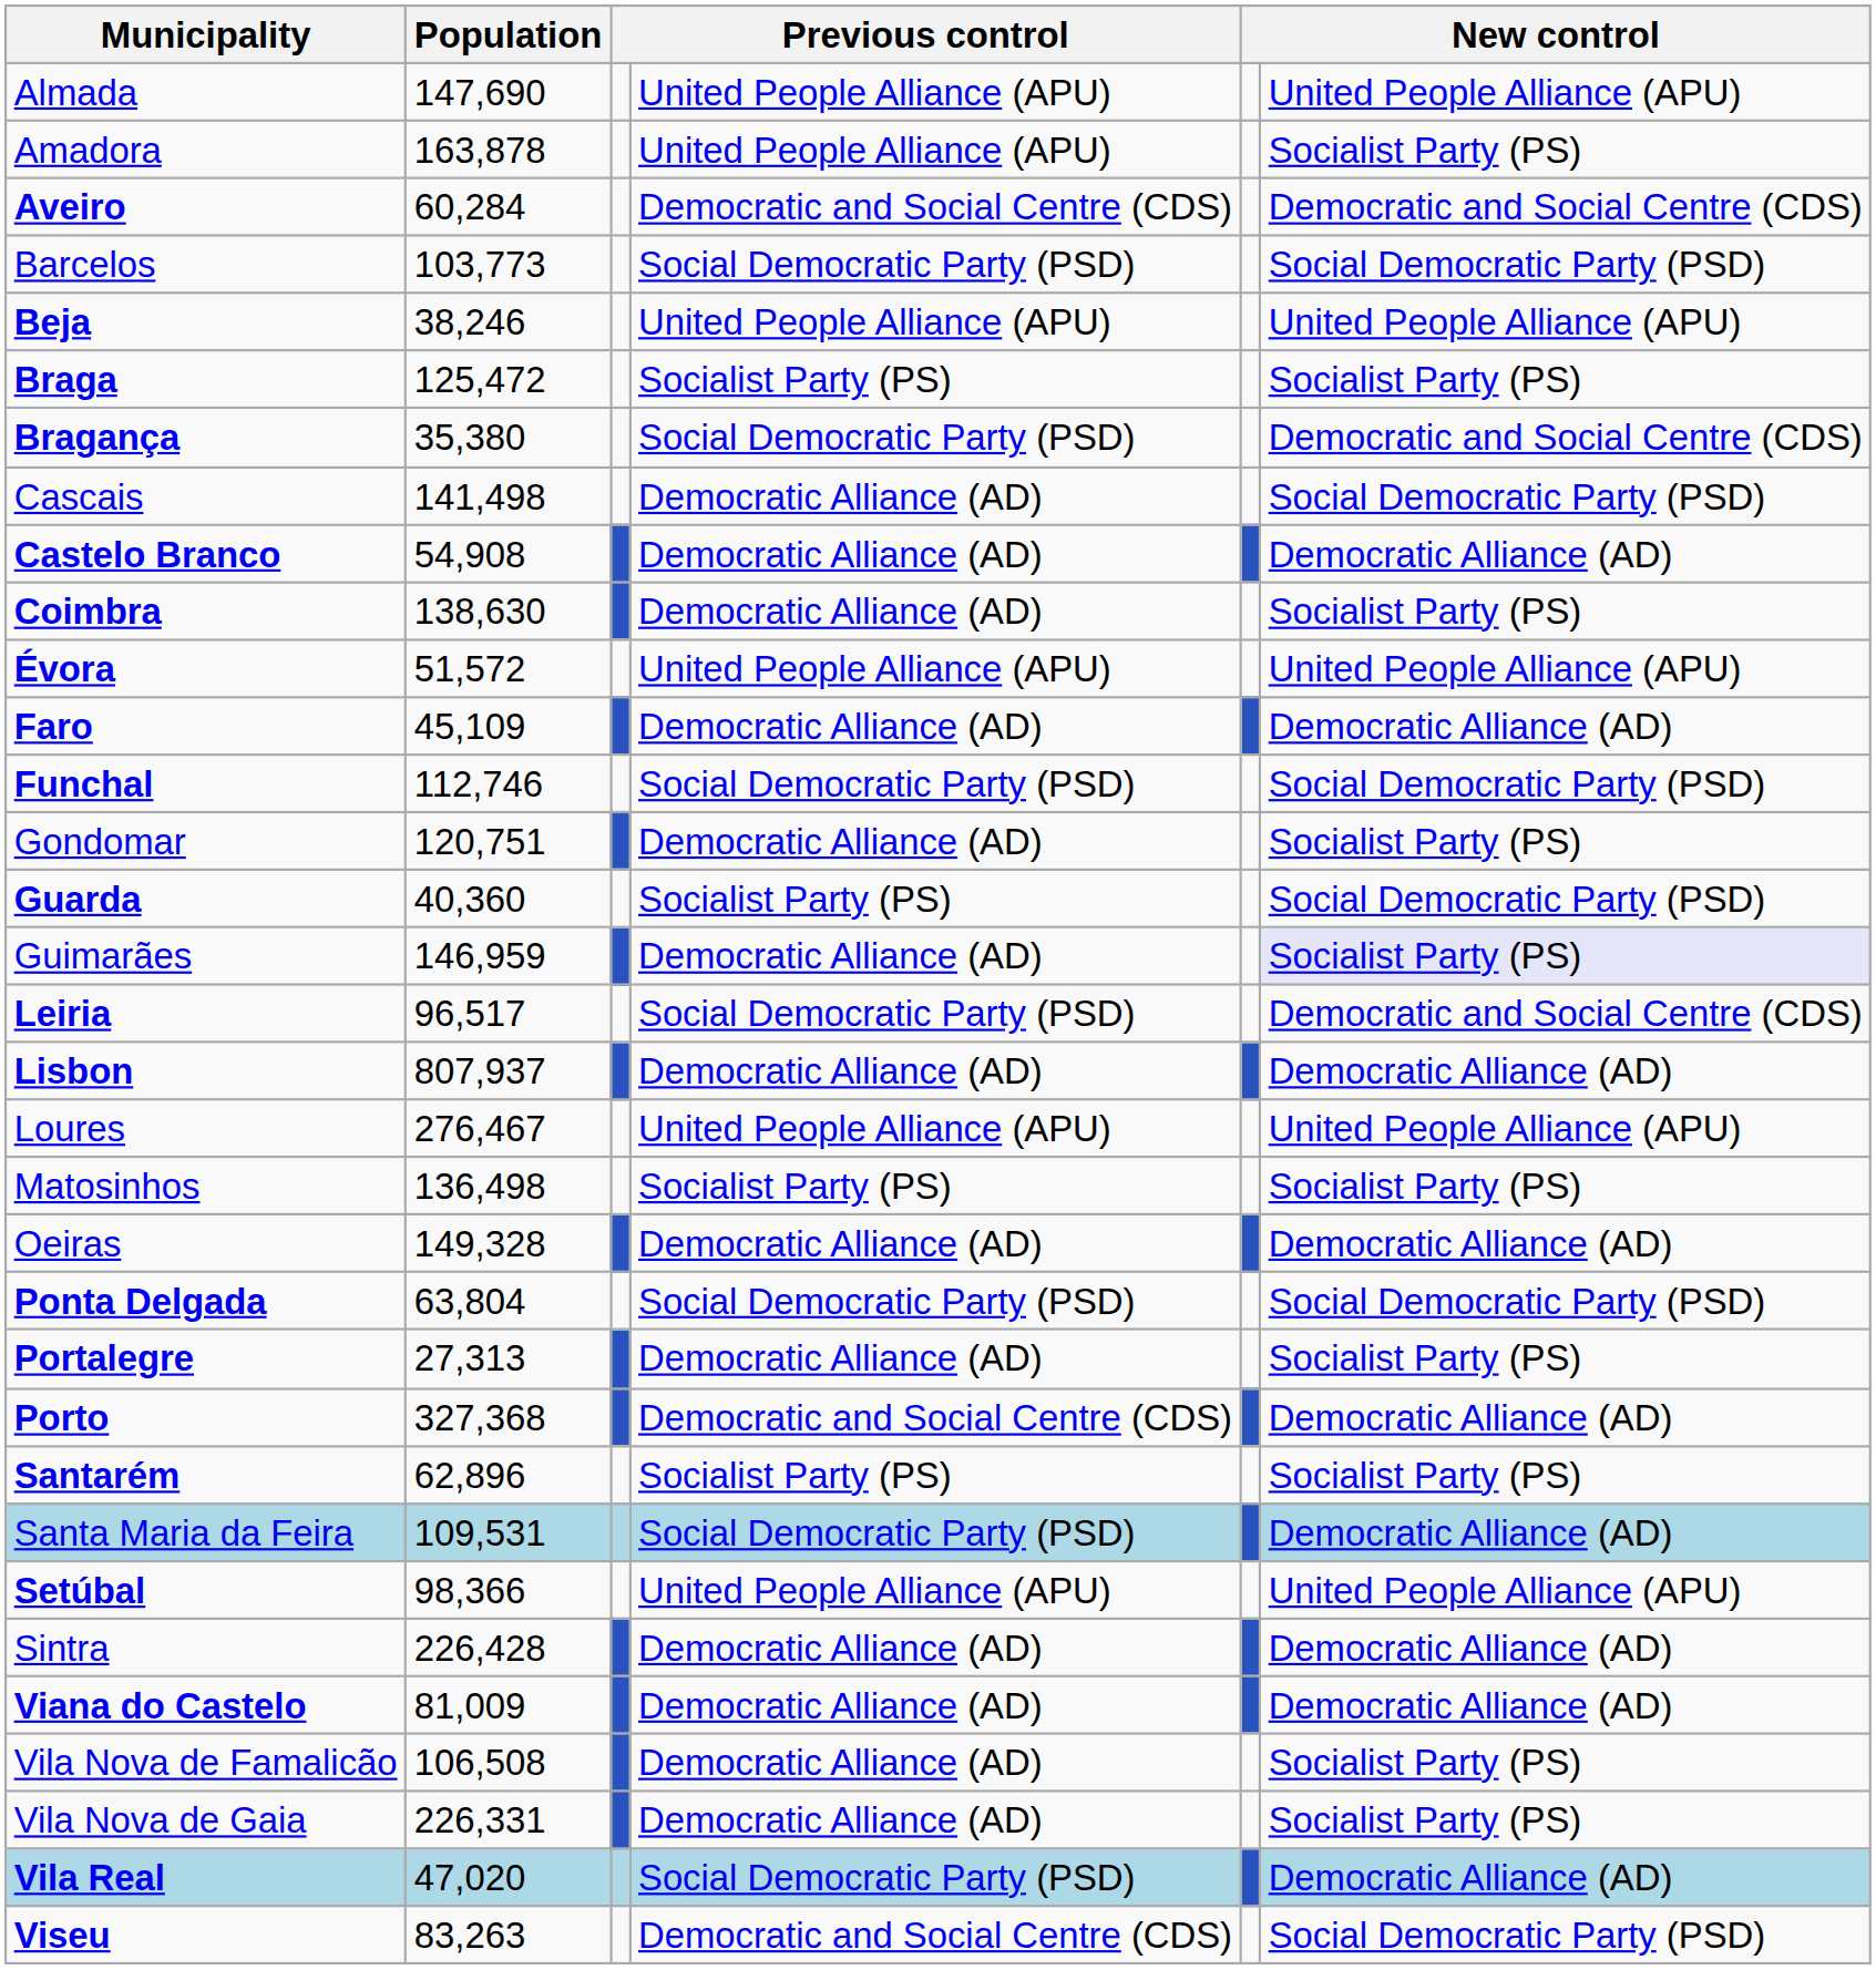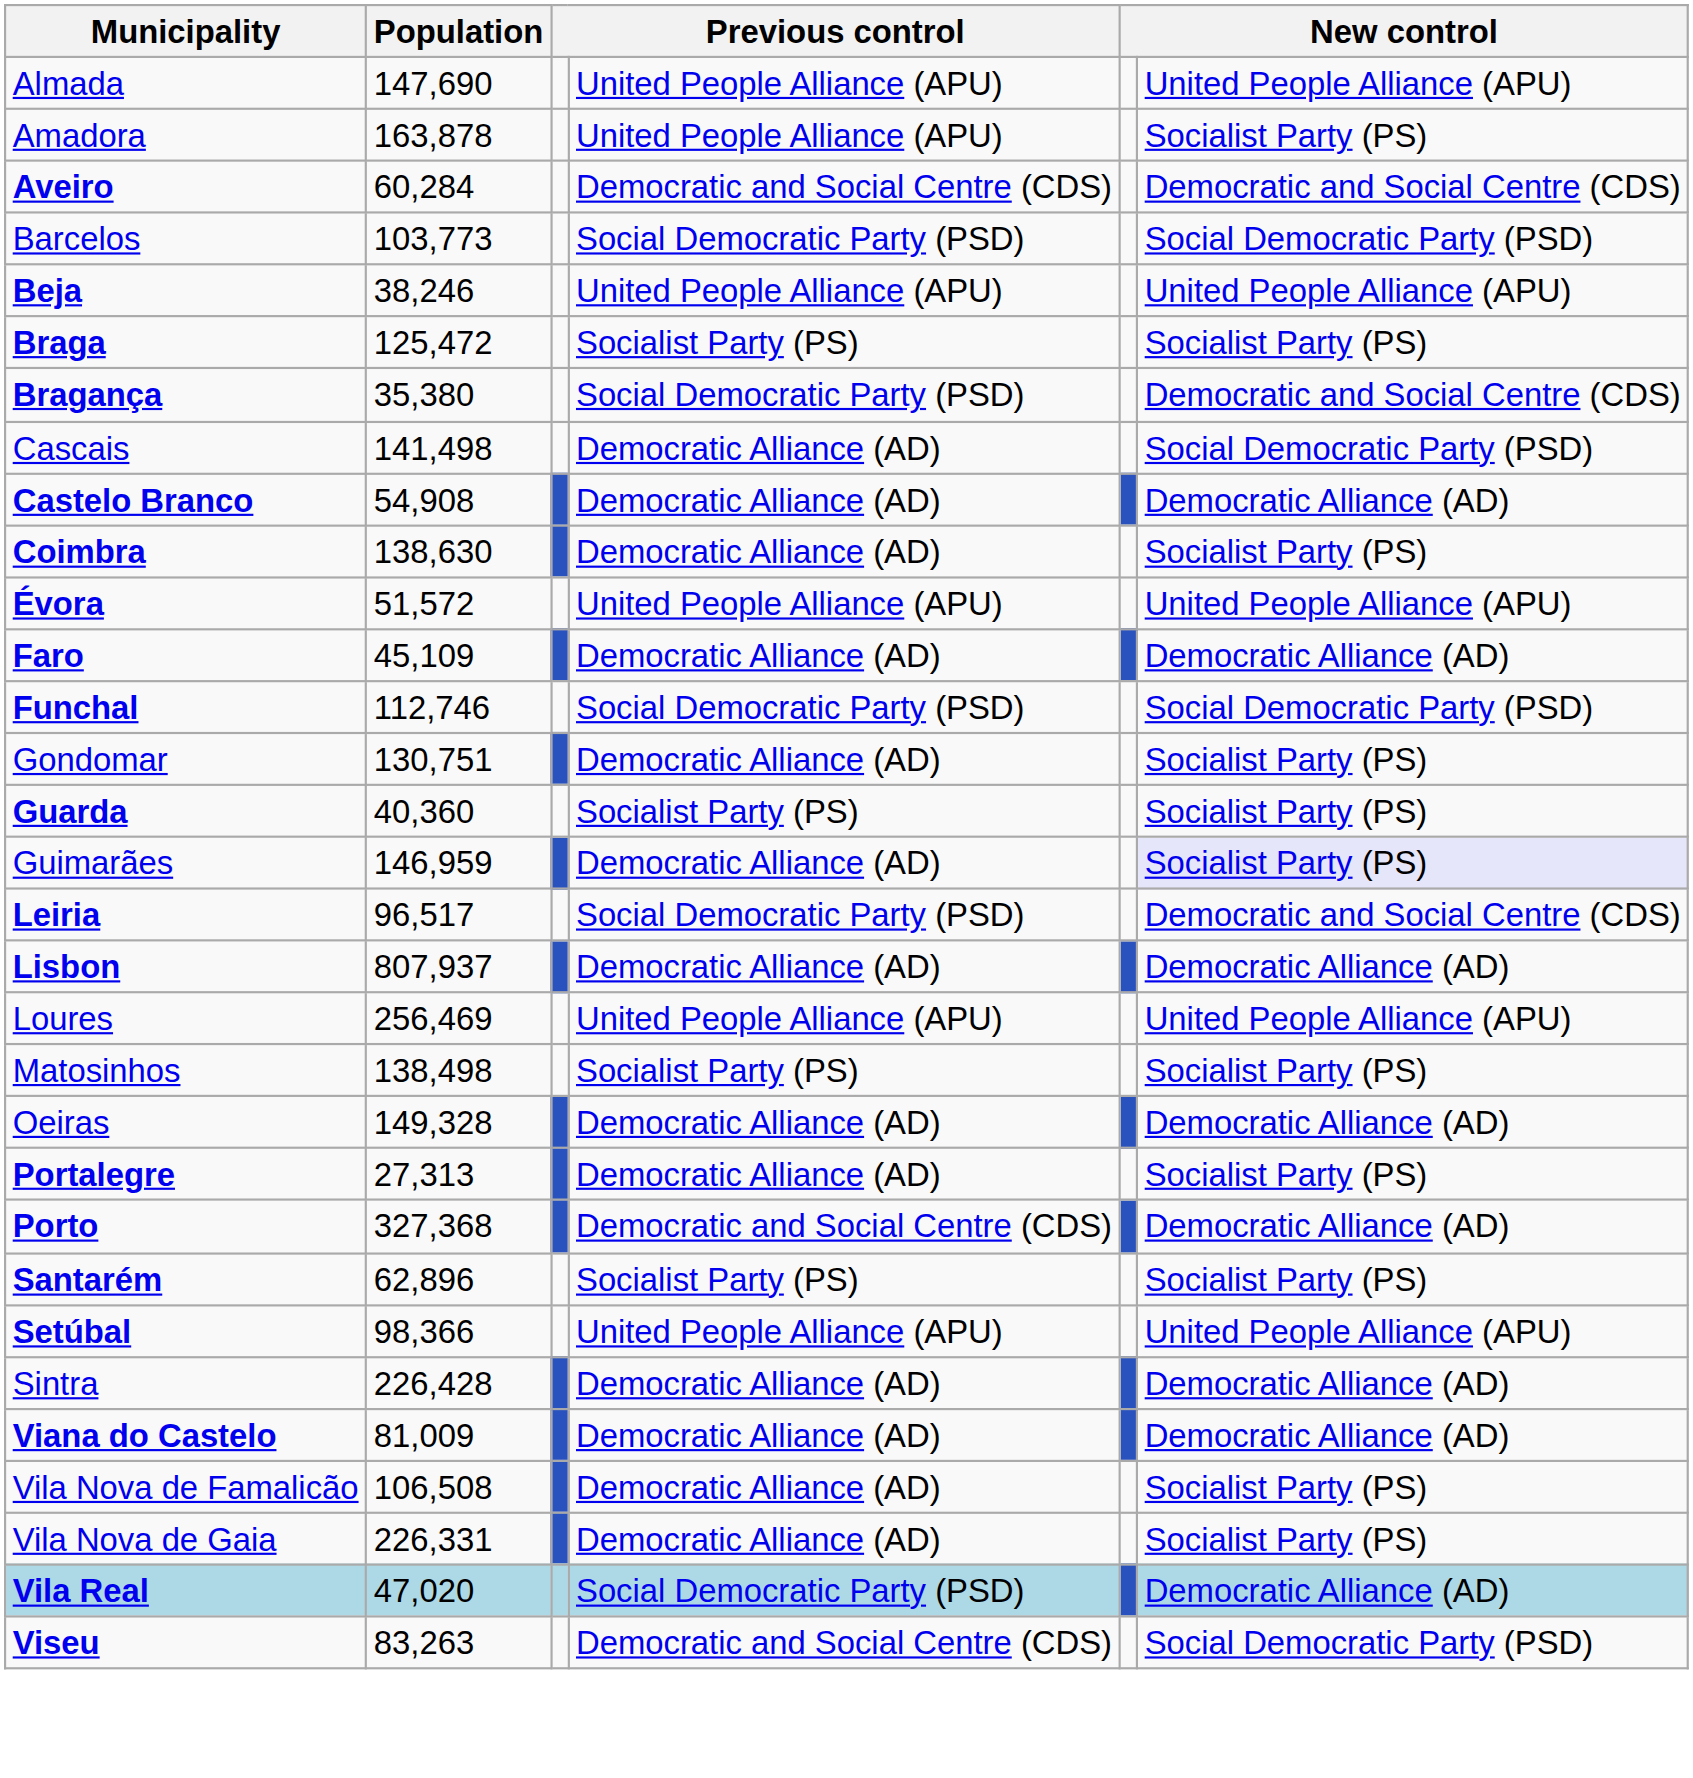 <table class="wikitable sortable" style="font-size:95%;">
 <tr>
 <th>Municipality</th>
 <th>Population</th>
 <th colspan="2" style="width:200px;">Previous control</th>
 <th colspan="2" style="width:200px;">New control</th>
 </tr>
 <tr>
 <td><a href='#'>Almada</a></td>
 <td>147,690</td>
 <td width="1" style="color:inherit;background:"></td>
 <td><a href='#'>United People Alliance</a> (APU)</td>
 <td width="1" style="color:inherit;background:"></td>
 <td><a href='#'>United People Alliance</a> (APU)</td>
 </tr>
 <tr>
 <td><a href='#'>Amadora</a></td>
 <td>163,878</td>
 <td width="1" style="color:inherit;background:"></td>
 <td><a href='#'>United People Alliance</a> (APU)</td>
 <td width="1" style="color:inherit;background:"></td>
 <td><a href='#'>Socialist Party</a> (PS)</td>
 </tr>
 <tr>
 <td><a href='#'><strong>Aveiro</strong></a></td>
 <td>60,284</td>
 <td width="1" style="color:inherit;background:"></td>
 <td><a href='#'>Democratic and Social Centre</a> (CDS)</td>
 <td width="1" style="color:inherit;background:"></td>
 <td><a href='#'>Democratic and Social Centre</a> (CDS)</td>
 </tr>
 <tr>
 <td><a href='#'>Barcelos</a></td>
 <td>103,773</td>
 <td width="1" style="color:inherit;background:"></td>
 <td><a href='#'>Social Democratic Party</a> (PSD)</td>
 <td width="1" style="color:inherit;background:"></td>
 <td><a href='#'>Social Democratic Party</a> (PSD)</td>
 </tr>
 <tr>
 <td><a href='#'><strong>Beja</strong></a></td>
 <td>38,246</td>
 <td width="1" style="color:inherit;background:"></td>
 <td><a href='#'>United People Alliance</a> (APU)</td>
 <td width="1" style="color:inherit;background:"></td>
 <td><a href='#'>United People Alliance</a> (APU)</td>
 </tr>
 <tr>
 <td><strong><a href='#'>Braga</a></strong></td>
 <td>125,472</td>
 <td width="1" style="color:inherit;background:"></td>
 <td><a href='#'>Socialist Party</a> (PS)</td>
 <td width="1" style="color:inherit;background:"></td>
 <td><a href='#'>Socialist Party</a> (PS)</td>
 </tr>
 <tr>
 <td><a href='#'><strong>Bragança</strong></a></td>
 <td>35,380</td>
 <td width="1" style="color:inherit;background:"></td>
 <td><a href='#'>Social Democratic Party</a> (PSD)</td>
 <td width="1" style="color:inherit;background:"></td>
 <td><a href='#'>Democratic and Social Centre</a> (CDS)</td>
 </tr>
 <tr>
 <td><a href='#'>Cascais</a></td>
 <td>141,498</td>
 <td width="1" style="color:inherit;background:"></td>
 <td><a href='#'>Democratic Alliance</a> (AD)</td>
 <td width="1" style="color:inherit;background:"></td>
 <td><a href='#'>Social Democratic Party</a> (PSD)</td>
 </tr>
 <tr>
 <td><a href='#'><strong>Castelo Branco</strong></a></td>
 <td>54,908</td>
 <td width="1" style="color:inherit;background:#2A52BE"></td>
 <td><a href='#'>Democratic Alliance</a> (AD)</td>
 <td width="1" style="color:inherit;background:#2A52BE"></td>
 <td><a href='#'>Democratic Alliance</a> (AD)</td>
 </tr>
 <tr>
 <td><strong><a href='#'>Coimbra</a></strong></td>
 <td>138,630</td>
 <td width="1" style="color:inherit;background:#2A52BE"></td>
 <td><a href='#'>Democratic Alliance</a> (AD)</td>
 <td width="1" style="color:inherit;background:"></td>
 <td><a href='#'>Socialist Party</a> (PS)</td>
 </tr>
 <tr>
 <td><strong><a href='#'>Évora</a></strong></td>
 <td>51,572</td>
 <td width="1" style="color:inherit;background:"></td>
 <td><a href='#'>United People Alliance</a> (APU)</td>
 <td width="1" style="color:inherit;background:"></td>
 <td><a href='#'>United People Alliance</a> (APU)</td>
 </tr>
 <tr>
 <td><a href='#'><strong>Faro</strong></a></td>
 <td>45,109</td>
 <td width="1" style="color:inherit;background:#2A52BE"></td>
 <td><a href='#'>Democratic Alliance</a> (AD)</td>
 <td width="1" style="color:inherit;background:#2A52BE"></td>
 <td><a href='#'>Democratic Alliance</a> (AD)</td>
 </tr>
 <tr>
 <td><strong><a href='#'>Funchal</a></strong></td>
 <td>112,746</td>
 <td width="1" style="color:inherit;background:"></td>
 <td><a href='#'>Social Democratic Party</a> (PSD)</td>
 <td width="1" style="color:inherit;background:"></td>
 <td><a href='#'>Social Democratic Party</a> (PSD)</td>
 </tr>
 <tr>
 <td><a href='#'>Gondomar</a></td>
-<td>120,751</td>
+<td>130,751</td>
 <td width="1" style="color:inherit;background:#2A52BE"></td>
 <td><a href='#'>Democratic Alliance</a> (AD)</td>
 <td width="1" style="color:inherit;background:"></td>
 <td><a href='#'>Socialist Party</a> (PS)</td>
 </tr>
 <tr>
 <td><a href='#'><strong>Guarda</strong></a></td>
 <td>40,360</td>
 <td width="1" style="color:inherit;background:"></td>
 <td><a href='#'>Socialist Party</a> (PS)</td>
 <td width="1" style="color:inherit;background:"></td>
-<td><a href='#'>Social Democratic Party</a> (PSD)</td>
+<td><a href='#'>Socialist Party</a> (PS)</td>
 </tr>
 <tr>
 <td><a href='#'>Guimarães</a></td>
 <td>146,959</td>
 <td width="1" style="color:inherit;background:#2A52BE"></td>
 <td><a href='#'>Democratic Alliance</a> (AD)</td>
 <td width="1" style="color:inherit;background:"></td>
 <td style="background: lavender;"><a href='#'>Socialist Party</a> (PS)</td>
 </tr>
 <tr>
 <td><strong><a href='#'>Leiria</a></strong></td>
 <td>96,517</td>
 <td width="1" style="color:inherit;background:"></td>
 <td><a href='#'>Social Democratic Party</a> (PSD)</td>
 <td width="1" style="color:inherit;background:"></td>
 <td><a href='#'>Democratic and Social Centre</a> (CDS)</td>
 </tr>
 <tr>
 <td><strong><a href='#'>Lisbon</a></strong></td>
 <td>807,937</td>
 <td width="1" style="color:inherit;background:#2A52BE"></td>
 <td><a href='#'>Democratic Alliance</a> (AD)</td>
 <td width="1" style="color:inherit;background:#2A52BE"></td>
 <td><a href='#'>Democratic Alliance</a> (AD)</td>
 </tr>
 <tr>
 <td><a href='#'>Loures</a></td>
-<td>276,467</td>
+<td>256,469</td>
 <td width="1" style="color:inherit;background:"></td>
 <td><a href='#'>United People Alliance</a> (APU)</td>
 <td width="1" style="color:inherit;background:"></td>
 <td><a href='#'>United People Alliance</a> (APU)</td>
 </tr>
 <tr>
 <td><a href='#'>Matosinhos</a></td>
-<td>136,498</td>
+<td>138,498</td>
 <td width="1" style="color:inherit;background:"></td>
 <td><a href='#'>Socialist Party</a> (PS)</td>
 <td width="1" style="color:inherit;background:"></td>
 <td><a href='#'>Socialist Party</a> (PS)</td>
 </tr>
 <tr>
 <td><a href='#'>Oeiras</a></td>
 <td>149,328</td>
 <td width="1" style="color:inherit;background:#2A52BE"></td>
 <td><a href='#'>Democratic Alliance</a> (AD)</td>
 <td width="1" style="color:inherit;background:#2A52BE"></td>
 <td><a href='#'>Democratic Alliance</a> (AD)</td>
-</tr>
-<tr>
-<td><strong><a href='#'>Ponta Delgada</a></strong></td>
-<td>63,804</td>
-<td width="1" style="color:inherit;background:"></td>
-<td><a href='#'>Social Democratic Party</a> (PSD)</td>
-<td width="1" style="color:inherit;background:"></td>
-<td><a href='#'>Social Democratic Party</a> (PSD)</td>
 </tr>
 <tr>
 <td><a href='#'><strong>Portalegre</strong></a></td>
 <td>27,313</td>
 <td width="1" style="color:inherit;background:#2A52BE"></td>
 <td><a href='#'>Democratic Alliance</a> (AD)</td>
 <td width="1" style="color:inherit;background:"></td>
 <td><a href='#'>Socialist Party</a> (PS)</td>
 </tr>
 <tr>
 <td><strong><a href='#'>Porto</a></strong></td>
 <td>327,368</td>
 <td width="1" style="color:inherit;background:#2A52BE"></td>
 <td><a href='#'>Democratic and Social Centre</a> (CDS)</td>
 <td width="1" style="color:inherit;background:#2A52BE"></td>
 <td><a href='#'>Democratic Alliance</a> (AD)</td>
 </tr>
 <tr>
 <td><a href='#'><strong>Santarém</strong></a></td>
 <td>62,896</td>
 <td width="1" style="color:inherit;background:"></td>
 <td><a href='#'>Socialist Party</a> (PS)</td>
 <td width="1" style="color:inherit;background:"></td>
 <td><a href='#'>Socialist Party</a> (PS)</td>
-</tr>
-<tr style="background-color:lightblue">
-<td><a href='#'>Santa Maria da Feira</a></td>
-<td>109,531</td>
-<td width="1" style="color:inherit;background:"></td>
-<td><a href='#'>Social Democratic Party</a> (PSD)</td>
-<td width="1" style="color:inherit;background:#2A52BE"></td>
-<td><a href='#'>Democratic Alliance</a> (AD)</td>
 </tr>
 <tr>
 <td><strong><a href='#'>Setúbal</a></strong></td>
 <td>98,366</td>
 <td width="1" style="color:inherit;background:"></td>
 <td><a href='#'>United People Alliance</a> (APU)</td>
 <td width="1" style="color:inherit;background:"></td>
 <td><a href='#'>United People Alliance</a> (APU)</td>
 </tr>
 <tr>
 <td><a href='#'>Sintra</a></td>
 <td>226,428</td>
 <td width="1" style="color:inherit;background:#2A52BE"></td>
 <td><a href='#'>Democratic Alliance</a> (AD)</td>
 <td width="1" style="color:inherit;background:#2A52BE"></td>
 <td><a href='#'>Democratic Alliance</a> (AD)</td>
 </tr>
 <tr>
 <td><strong><a href='#'>Viana do Castelo</a></strong></td>
 <td>81,009</td>
 <td width="1" style="color:inherit;background:#2A52BE"></td>
 <td><a href='#'>Democratic Alliance</a> (AD)</td>
 <td width="1" style="color:inherit;background:#2A52BE"></td>
 <td><a href='#'>Democratic Alliance</a> (AD)</td>
 </tr>
 <tr>
 <td><a href='#'>Vila Nova de Famalicão</a></td>
 <td>106,508</td>
 <td width="1" style="color:inherit;background:#2A52BE"></td>
 <td><a href='#'>Democratic Alliance</a> (AD)</td>
 <td width="1" style="color:inherit;background:"></td>
 <td><a href='#'>Socialist Party</a> (PS)</td>
 </tr>
 <tr>
 <td><a href='#'>Vila Nova de Gaia</a></td>
 <td>226,331</td>
 <td width="1" style="color:inherit;background:#2A52BE"></td>
 <td><a href='#'>Democratic Alliance</a> (AD)</td>
 <td width="1" style="color:inherit;background:"></td>
 <td><a href='#'>Socialist Party</a> (PS)</td>
 </tr>
 <tr style="background-color:lightblue">
 <td><strong><a href='#'>Vila Real</a></strong></td>
 <td>47,020</td>
 <td width="1" style="color:inherit;background:"></td>
 <td><a href='#'>Social Democratic Party</a> (PSD)</td>
 <td width="1" style="color:inherit;background:#2A52BE"></td>
 <td><a href='#'>Democratic Alliance</a> (AD)</td>
 </tr>
 <tr>
 <td><strong><a href='#'>Viseu</a></strong></td>
 <td>83,263</td>
 <td width="1" style="color:inherit;background:"></td>
 <td><a href='#'>Democratic and Social Centre</a> (CDS)</td>
 <td width="1" style="color:inherit;background:"></td>
 <td><a href='#'>Social Democratic Party</a> (PSD)</td>
 </tr>
 </table>
